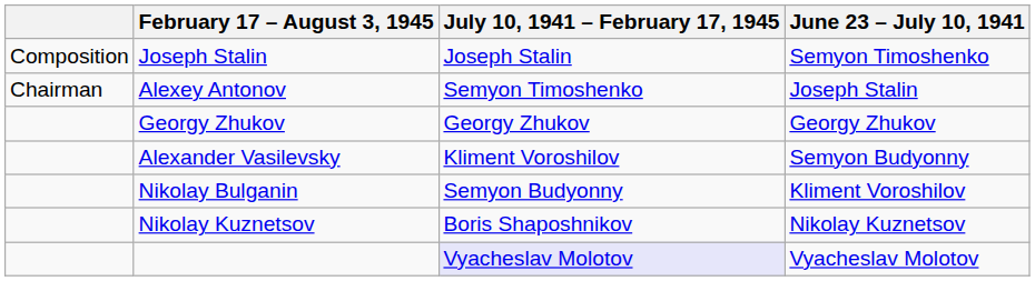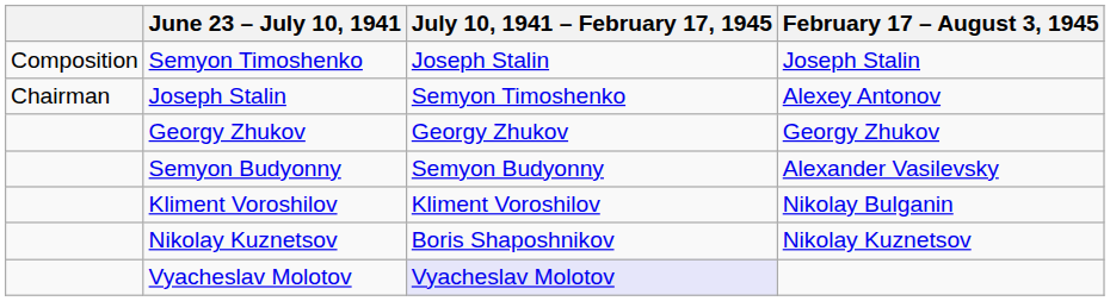 <table class="wikitable">
 <tr>
 <th></th>
+<th>June 23 – July 10, 1941</th>
+<th>July 10, 1941 – February 17, 1945</th>
 <th>February 17 – August 3, 1945</th>
-<th>July 10, 1941 – February 17, 1945</th>
-<th>June 23 – July 10, 1941</th>
 </tr>
 <tr>
 <td>Composition</td>
+<td><a href='#'>Semyon Timoshenko</a></td>
 <td><a href='#'>Joseph Stalin</a></td>
 <td><a href='#'>Joseph Stalin</a></td>
-<td><a href='#'>Semyon Timoshenko</a></td>
 </tr>
 <tr>
 <td>Chairman</td>
+<td><a href='#'>Joseph Stalin</a></td>
+<td><a href='#'>Semyon Timoshenko</a></td>
 <td><a href='#'>Alexey Antonov</a></td>
-<td><a href='#'>Semyon Timoshenko</a></td>
-<td><a href='#'>Joseph Stalin</a></td>
 </tr>
 <tr>
 <td></td>
 <td><a href='#'>Georgy Zhukov</a></td>
 <td><a href='#'>Georgy Zhukov</a></td>
 <td><a href='#'>Georgy Zhukov</a></td>
 </tr>
 <tr>
 <td></td>
+<td><a href='#'>Semyon Budyonny</a></td>
+<td><a href='#'>Semyon Budyonny</a></td>
 <td><a href='#'>Alexander Vasilevsky</a></td>
-<td><a href='#'>Kliment Voroshilov</a></td>
-<td><a href='#'>Semyon Budyonny</a></td>
 </tr>
 <tr>
 <td></td>
+<td><a href='#'>Kliment Voroshilov</a></td>
+<td><a href='#'>Kliment Voroshilov</a></td>
 <td><a href='#'>Nikolay Bulganin</a></td>
-<td><a href='#'>Semyon Budyonny</a></td>
-<td><a href='#'>Kliment Voroshilov</a></td>
 </tr>
 <tr>
 <td></td>
 <td><a href='#'>Nikolay Kuznetsov</a></td>
 <td><a href='#'>Boris Shaposhnikov</a></td>
 <td><a href='#'>Nikolay Kuznetsov</a></td>
 </tr>
 <tr>
 <td></td>
+<td><a href='#'>Vyacheslav Molotov</a></td>
+<td style="background: lavender;"><a href='#'>Vyacheslav Molotov</a></td>
 <td></td>
-<td style="background: lavender;"><a href='#'>Vyacheslav Molotov</a></td>
-<td><a href='#'>Vyacheslav Molotov</a></td>
 </tr>
 </table>
